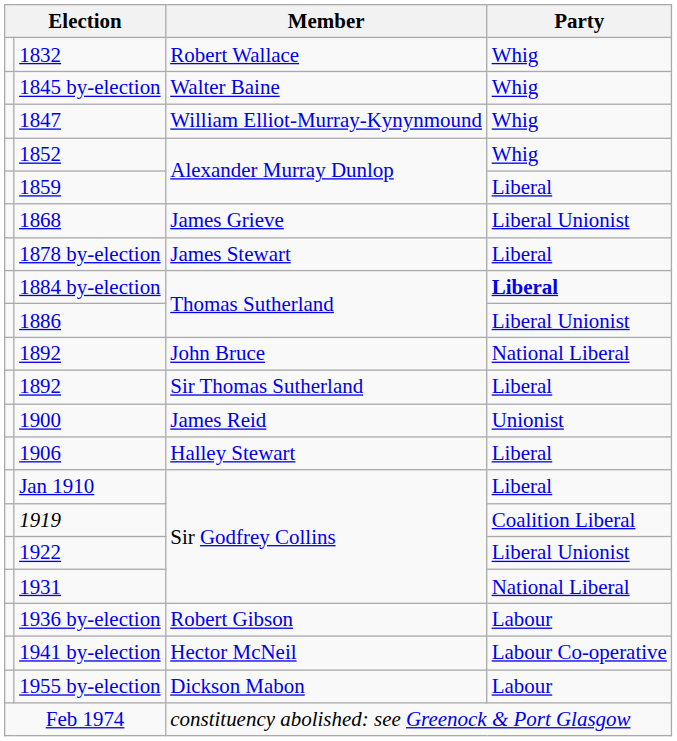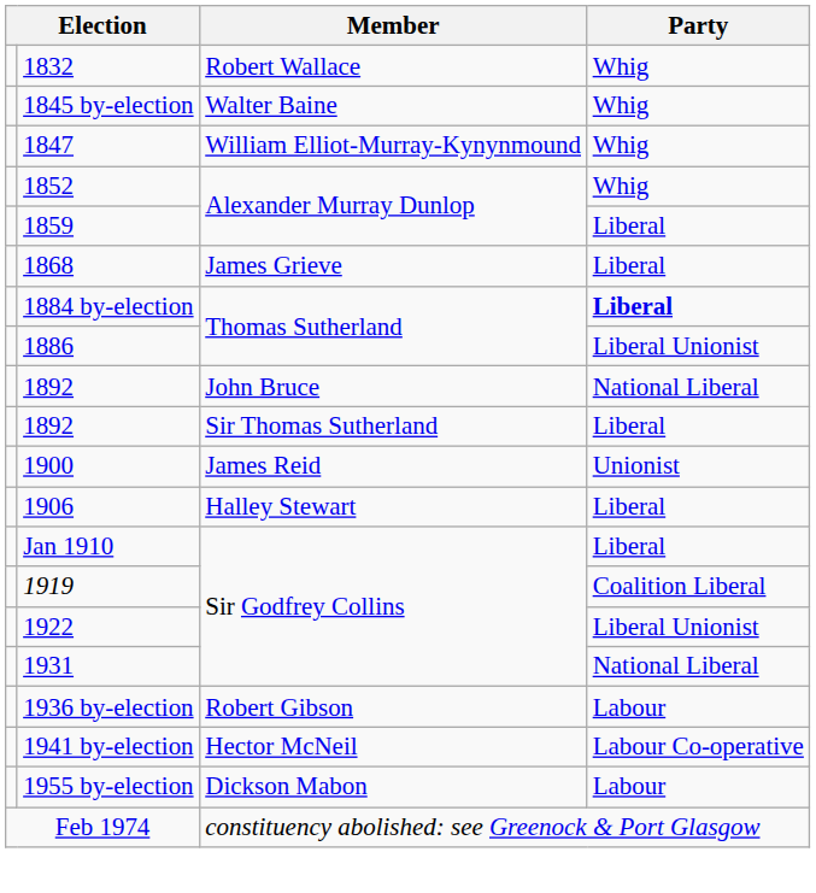 <table class="wikitable">
 <tr>
 <th colspan="2">Election</th>
 <th>Member</th>
 <th>Party</th>
 </tr>
 <tr>
 <td style="color:inherit;background-color: "></td>
 <td><a href='#'>1832</a></td>
 <td><a href='#'>Robert Wallace</a></td>
 <td><a href='#'>Whig</a></td>
 </tr>
 <tr>
 <td style="color:inherit;background-color: "></td>
 <td><a href='#'>1845 by-election</a></td>
 <td><a href='#'>Walter Baine</a></td>
 <td><a href='#'>Whig</a></td>
 </tr>
 <tr>
 <td style="color:inherit;background-color: "></td>
 <td><a href='#'>1847</a></td>
 <td><a href='#'>William Elliot-Murray-Kynynmound</a></td>
 <td><a href='#'>Whig</a></td>
 </tr>
 <tr>
 <td style="color:inherit;background-color: "></td>
 <td><a href='#'>1852</a></td>
 <td rowspan="2"><a href='#'>Alexander Murray Dunlop</a></td>
 <td><a href='#'>Whig</a></td>
 </tr>
 <tr>
 <td style="color:inherit;background-color: "></td>
 <td><a href='#'>1859</a></td>
 <td><a href='#'>Liberal</a></td>
 </tr>
 <tr>
 <td style="color:inherit;background-color: "></td>
 <td><a href='#'>1868</a></td>
 <td><a href='#'>James Grieve</a></td>
-<td><a href='#'>Liberal Unionist</a></td>
-</tr>
-<tr>
-<td style="color:inherit;background-color: "></td>
-<td><a href='#'>1878 by-election</a></td>
-<td><a href='#'>James Stewart</a></td>
 <td><a href='#'>Liberal</a></td>
 </tr>
 <tr>
 <td style="color:inherit;background-color: "></td>
 <td><a href='#'>1884 by-election</a></td>
 <td rowspan="2"><a href='#'>Thomas Sutherland</a></td>
 <td><strong><a href='#'>Liberal</a></strong></td>
 </tr>
 <tr>
 <td style="color:inherit;background-color: "></td>
 <td><a href='#'>1886</a></td>
 <td><a href='#'>Liberal Unionist</a></td>
 </tr>
 <tr>
 <td style="color:inherit;background-color: "></td>
 <td><a href='#'>1892</a></td>
 <td><a href='#'>John Bruce</a></td>
 <td><a href='#'>National Liberal</a></td>
 </tr>
 <tr>
 <td style="color:inherit;background-color: "></td>
 <td><a href='#'>1892</a></td>
 <td><a href='#'>Sir Thomas Sutherland</a></td>
 <td><a href='#'>Liberal</a></td>
 </tr>
 <tr>
 <td style="color:inherit;background-color: "></td>
 <td><a href='#'>1900</a></td>
 <td><a href='#'>James Reid</a></td>
 <td><a href='#'>Unionist</a></td>
 </tr>
 <tr>
 <td style="color:inherit;background-color: "></td>
 <td><a href='#'>1906</a></td>
 <td><a href='#'>Halley Stewart</a></td>
 <td><a href='#'>Liberal</a></td>
 </tr>
 <tr>
 <td style="color:inherit;background-color: "></td>
 <td><a href='#'>Jan 1910</a></td>
 <td rowspan="4">Sir <a href='#'>Godfrey Collins</a></td>
 <td><a href='#'>Liberal</a></td>
 </tr>
 <tr>
 <td style="color:inherit;background-color: "></td>
 <td><em>1919</em></td>
 <td><a href='#'>Coalition Liberal</a></td>
 </tr>
 <tr>
 <td style="color:inherit;background-color: "></td>
 <td><a href='#'>1922</a></td>
 <td><a href='#'>Liberal Unionist</a></td>
 </tr>
 <tr>
 <td style="color:inherit;background-color: "></td>
 <td><a href='#'>1931</a></td>
 <td><a href='#'>National Liberal</a></td>
 </tr>
 <tr>
 <td style="color:inherit;background-color: "></td>
 <td><a href='#'>1936 by-election</a></td>
 <td><a href='#'>Robert Gibson</a></td>
 <td><a href='#'>Labour</a></td>
 </tr>
 <tr>
 <td style="color:inherit;background-color: "></td>
 <td><a href='#'>1941 by-election</a></td>
 <td><a href='#'>Hector McNeil</a></td>
 <td><a href='#'>Labour Co-operative</a></td>
 </tr>
 <tr>
 <td style="color:inherit;background-color: "></td>
 <td><a href='#'>1955 by-election</a></td>
 <td><a href='#'>Dickson Mabon</a></td>
 <td><a href='#'>Labour</a></td>
 </tr>
 <tr>
 <td colspan="2" align="center"><a href='#'>Feb 1974</a></td>
 <td colspan="2"><em>constituency abolished: see <a href='#'>Greenock & Port Glasgow</a></em></td>
 </tr>
 </table>
